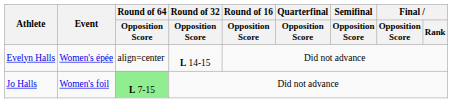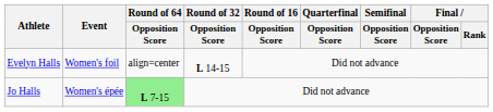 <table class="wikitable" style="font-size:90%">
 <tr>
 <th rowspan="2">Athlete</th>
 <th rowspan="2">Event</th>
 <th>Round of 64</th>
 <th>Round of 32</th>
 <th>Round of 16</th>
 <th>Quarterfinal</th>
 <th>Semifinal</th>
 <th colspan=2>Final / </th>
 </tr>
 <tr style="font-size:95%">
 <th>Opposition <br> Score</th>
 <th>Opposition <br> Score</th>
 <th>Opposition <br> Score</th>
 <th>Opposition <br> Score</th>
 <th>Opposition <br> Score</th>
 <th>Opposition <br> Score</th>
 <th>Rank</th>
 </tr>
 <tr>
 <td align=left><a href='#'>Evelyn Halls</a></td>
-<td align=left><a href='#'>Women's épée</a></td>
+<td align=left><a href='#'>Women's foil</a></td>
 <td>align=center </td>
 <td align=center><br><strong>L</strong> 14-15</td>
 <td align=center colspan=5>Did not advance</td>
 </tr>
 <tr>
 <td align=left><a href='#'>Jo Halls</a></td>
-<td align=left><a href='#'>Women's foil</a></td>
+<td align=left><a href='#'>Women's épée</a></td>
 <td align=center style="background: lightgreen;"><br><strong>L</strong> 7-15</td>
 <td align=center colspan=6>Did not advance</td>
 </tr>
 </table>
